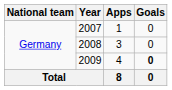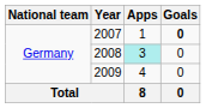 <table class="wikitable" style="text-align:center">
 <tr>
 <th>National team</th>
 <th>Year</th>
 <th>Apps</th>
 <th>Goals</th>
 </tr>
 <tr>
 <td rowspan="3"><a href='#'>Germany</a></td>
 <td>2007</td>
 <td>1</td>
-<td>0</td>
+<td><strong>0</strong></td>
 </tr>
 <tr>
 <td>2008</td>
-<td>3</td>
+<td style="background: paleturquoise;">3</td>
 <td>0</td>
 </tr>
 <tr>
 <td>2009</td>
 <td>4</td>
-<td><strong>0</strong></td>
+<td>0</td>
 </tr>
 <tr>
 <th colspan="2">Total</th>
 <th>8</th>
 <th>0</th>
 </tr>
 </table>
